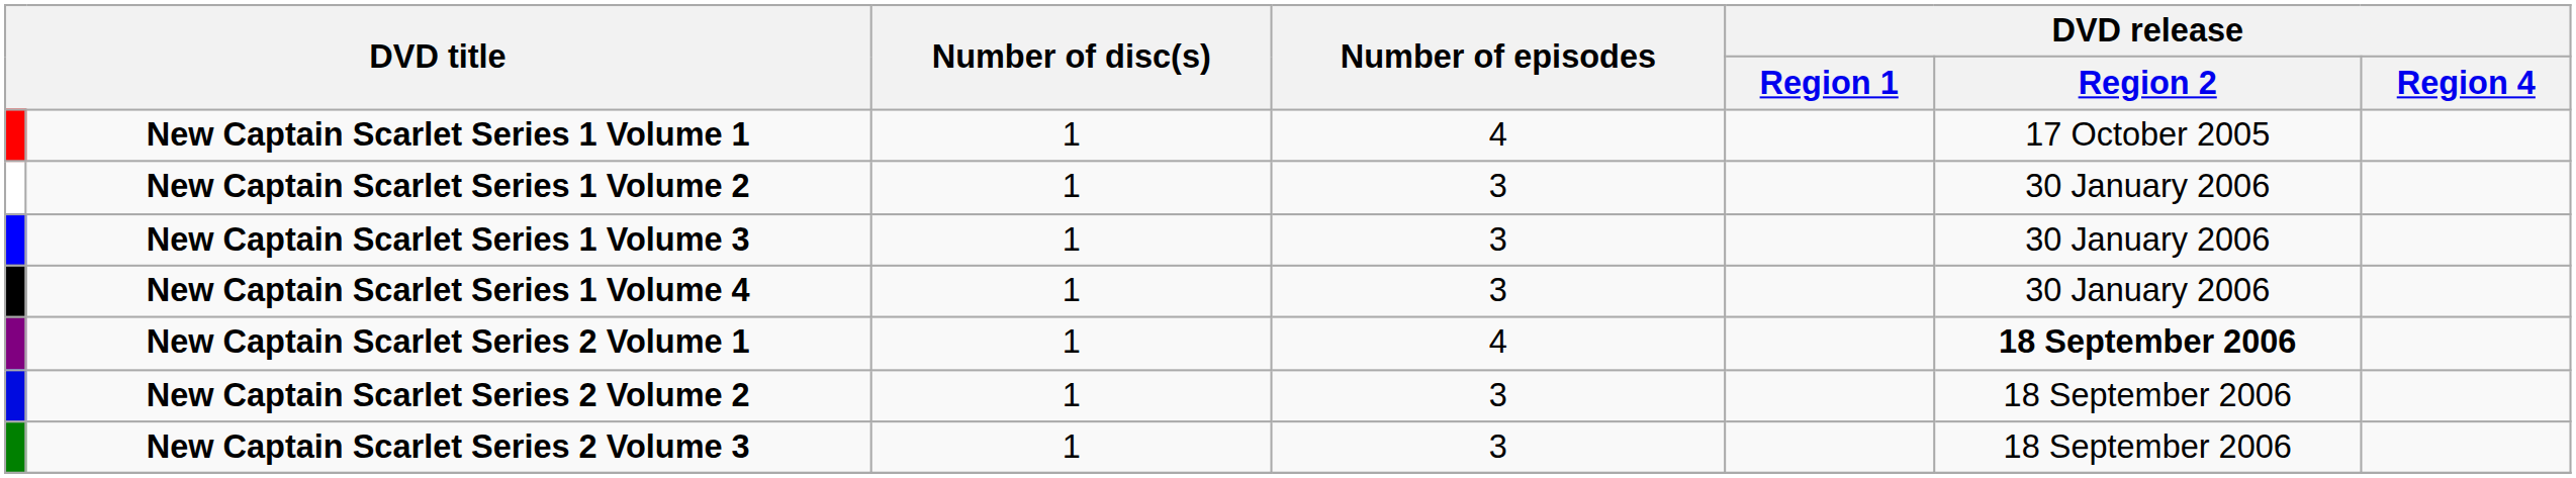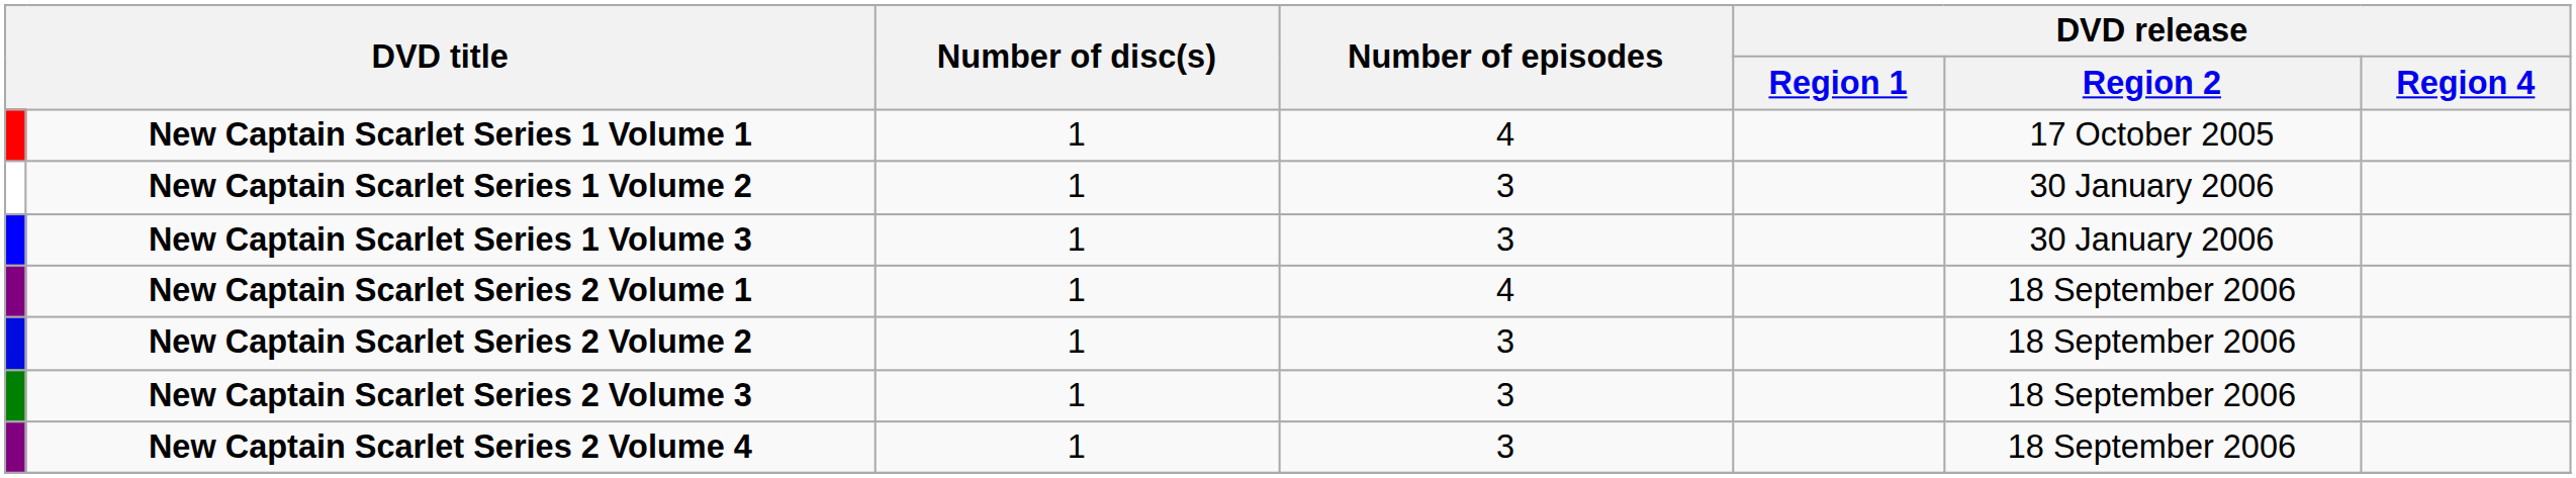 <table class="wikitable" width="99%" style="left: 0 auto; text-align: center;">
 <tr>
 <th colspan="2" rowspan="2">DVD title</th>
 <th rowspan="2">Number of disc(s)</th>
 <th rowspan="2">Number of episodes</th>
 <th colspan="3">DVD release</th>
 </tr>
 <tr>
 <th><a href='#'>Region 1</a></th>
 <th><a href='#'>Region 2</a></th>
 <th><a href='#'>Region 4</a></th>
 </tr>
 <tr>
 <td bgcolor="Red"></td>
 <td><strong>New Captain Scarlet Series 1 Volume 1</strong></td>
 <td>1</td>
 <td>4</td>
 <td></td>
 <td>17 October 2005</td>
 <td></td>
 </tr>
 <tr>
 <td bgcolor="White"></td>
 <td><strong>New Captain Scarlet Series 1 Volume 2</strong></td>
 <td>1</td>
 <td>3</td>
 <td></td>
 <td>30 January 2006</td>
 <td></td>
 </tr>
 <tr>
 <td bgcolor="Blue"></td>
 <td><strong>New Captain Scarlet Series 1 Volume 3</strong></td>
 <td>1</td>
 <td>3</td>
 <td></td>
 <td>30 January 2006</td>
 <td></td>
 </tr>
 <tr>
-<td bgcolor="Black"></td>
-<td><strong>New Captain Scarlet Series 1 Volume 4</strong></td>
-<td>1</td>
-<td>3</td>
-<td></td>
-<td>30 January 2006</td>
-<td></td>
-</tr>
-<tr>
 <td bgcolor="Purple"></td>
 <td><strong>New Captain Scarlet Series 2 Volume 1</strong></td>
 <td>1</td>
 <td>4</td>
 <td></td>
-<td><strong>18 September 2006</strong></td>
+<td>18 September 2006</td>
 <td></td>
 </tr>
 <tr>
 <td bgcolor="Light Blue"></td>
 <td><strong>New Captain Scarlet Series 2 Volume 2</strong></td>
 <td>1</td>
 <td>3</td>
 <td></td>
 <td>18 September 2006</td>
 <td></td>
 </tr>
 <tr>
 <td bgcolor="Green"></td>
 <td><strong>New Captain Scarlet Series 2 Volume 3</strong></td>
 <td>1</td>
 <td>3</td>
 <td></td>
 <td>18 September 2006</td>
 <td></td>
 </tr>
 <tr>
+<td bgcolor="Purple"></td>
+<td><strong>New Captain Scarlet Series 2 Volume 4</strong></td>
+<td>1</td>
+<td>3</td>
+<td></td>
+<td>18 September 2006</td>
+<td></td>
+</tr>
+<tr>
 </tr>
 </table>
